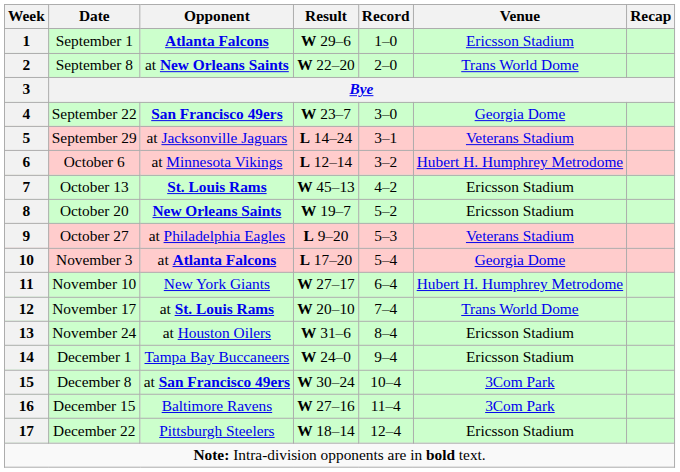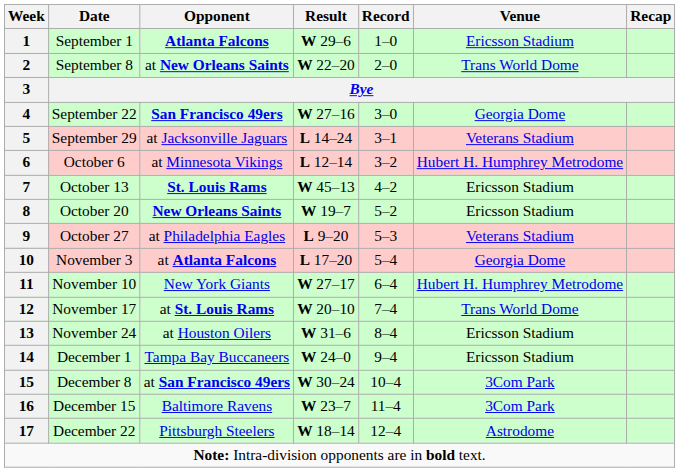 <table class="wikitable" style="text-align:center">
 <tr>
 <th>Week</th>
 <th>Date</th>
 <th>Opponent</th>
 <th>Result</th>
 <th>Record</th>
 <th>Venue</th>
 <th>Recap</th>
 </tr>
 <tr style="background:#cfc">
 <th>1</th>
 <td>September 1</td>
 <td><strong><a href='#'>Atlanta Falcons</a></strong></td>
 <td><strong>W</strong> 29–6</td>
 <td>1–0</td>
 <td><a href='#'>Ericsson Stadium</a></td>
 <td></td>
 </tr>
 <tr style="background:#cfc">
 <th>2</th>
 <td>September 8</td>
 <td>at <strong><a href='#'>New Orleans Saints</a></strong></td>
 <td><strong>W</strong> 22–20</td>
 <td>2–0</td>
 <td><a href='#'>Trans World Dome</a></td>
 <td></td>
 </tr>
 <tr align="center">
 <th>3</th>
 <th colspan="6"><em><a href='#'>Bye</a></em></th>
 </tr>
 <tr style="background:#cfc">
 <th>4</th>
 <td>September 22</td>
 <td><strong><a href='#'>San Francisco 49ers</a></strong></td>
-<td><strong>W</strong> 23–7</td>
+<td><strong>W</strong> 27–16</td>
 <td>3–0</td>
 <td><a href='#'>Georgia Dome</a></td>
 <td></td>
 </tr>
 <tr style="background:#fcc">
 <th>5</th>
 <td>September 29</td>
 <td>at <a href='#'>Jacksonville Jaguars</a></td>
 <td><strong>L</strong> 14–24</td>
 <td>3–1</td>
 <td><a href='#'>Veterans Stadium</a></td>
 <td></td>
 </tr>
 <tr style="background:#fcc">
 <th>6</th>
 <td>October 6</td>
 <td>at <a href='#'>Minnesota Vikings</a></td>
 <td><strong>L</strong> 12–14</td>
 <td>3–2</td>
 <td><a href='#'>Hubert H. Humphrey Metrodome</a></td>
 <td></td>
 </tr>
 <tr style="background:#cfc">
 <th>7</th>
 <td>October 13</td>
 <td><strong><a href='#'>St. Louis Rams</a></strong></td>
 <td><strong>W</strong> 45–13</td>
 <td>4–2</td>
 <td>Ericsson Stadium</td>
 <td></td>
 </tr>
 <tr style="background:#cfc">
 <th>8</th>
 <td>October 20</td>
 <td><strong><a href='#'>New Orleans Saints</a></strong></td>
 <td><strong>W</strong> 19–7</td>
 <td>5–2</td>
 <td>Ericsson Stadium</td>
 <td></td>
 </tr>
 <tr style="background:#fcc">
 <th>9</th>
 <td>October 27</td>
 <td>at <a href='#'>Philadelphia Eagles</a></td>
 <td><strong>L</strong> 9–20</td>
 <td>5–3</td>
 <td><a href='#'>Veterans Stadium</a></td>
 <td></td>
 </tr>
 <tr style="background:#fcc">
 <th>10</th>
 <td>November 3</td>
 <td>at  <strong><a href='#'>Atlanta Falcons</a></strong></td>
 <td><strong>L</strong> 17–20</td>
 <td>5–4</td>
 <td><a href='#'>Georgia Dome</a></td>
 <td></td>
 </tr>
 <tr style="background:#cfc">
 <th>11</th>
 <td>November 10</td>
 <td><a href='#'>New York Giants</a></td>
 <td><strong>W</strong> 27–17</td>
 <td>6–4</td>
 <td><a href='#'>Hubert H. Humphrey Metrodome</a></td>
 <td></td>
 </tr>
 <tr style="background:#cfc">
 <th>12</th>
 <td>November 17</td>
 <td>at <strong><a href='#'>St. Louis Rams</a></strong></td>
 <td><strong>W</strong> 20–10</td>
 <td>7–4</td>
 <td><a href='#'>Trans World Dome</a></td>
 <td></td>
 </tr>
 <tr style="background:#cfc">
 <th>13</th>
 <td>November 24</td>
 <td>at <a href='#'>Houston Oilers</a></td>
 <td><strong>W</strong> 31–6</td>
 <td>8–4</td>
 <td>Ericsson Stadium</td>
 <td></td>
 </tr>
 <tr style="background:#cfc">
 <th>14</th>
 <td>December 1</td>
 <td><a href='#'>Tampa Bay Buccaneers</a></td>
 <td><strong>W</strong> 24–0</td>
 <td>9–4</td>
 <td>Ericsson Stadium</td>
 <td></td>
 </tr>
 <tr style="background:#cfc">
 <th>15</th>
 <td>December 8</td>
 <td>at <strong><a href='#'>San Francisco 49ers</a></strong></td>
 <td><strong>W</strong> 30–24</td>
 <td>10–4</td>
 <td><a href='#'>3Com Park</a></td>
 <td></td>
 </tr>
 <tr style="background:#cfc">
 <th>16</th>
 <td>December 15</td>
 <td><a href='#'>Baltimore Ravens</a></td>
-<td><strong>W</strong> 27–16</td>
+<td><strong>W</strong> 23–7</td>
 <td>11–4</td>
 <td><a href='#'>3Com Park</a></td>
 <td></td>
 </tr>
 <tr style="background:#cfc">
 <th>17</th>
 <td>December 22</td>
 <td><a href='#'>Pittsburgh Steelers</a></td>
 <td><strong>W</strong> 18–14</td>
 <td>12–4</td>
-<td>Ericsson Stadium</td>
+<td><a href='#'>Astrodome</a></td>
 <td></td>
 </tr>
 <tr>
 <td colspan="7"><strong>Note:</strong> Intra-division opponents are in <strong>bold</strong> text.</td>
 </tr>
 </table>
